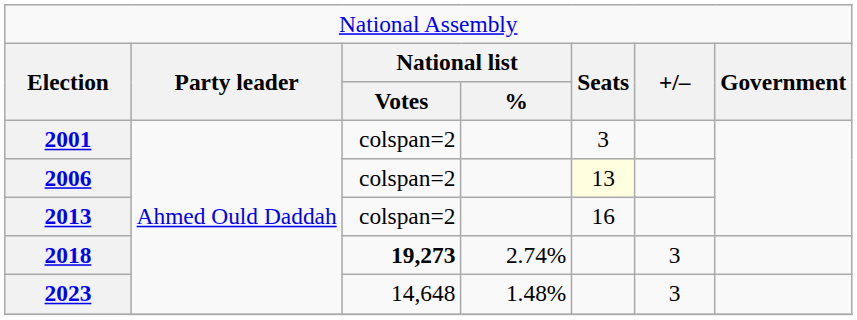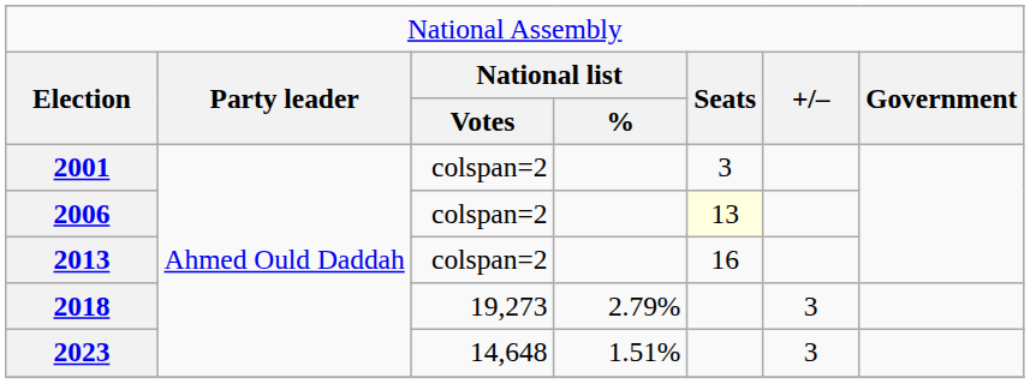 <table class="wikitable" style="text-align:right;font-size:95%;">
 <tr>
 <td colspan="7" align="center"><a href='#'>National Assembly</a></td>
 </tr>
 <tr>
 <th rowspan="2" width="75">Election</th>
 <th rowspan="2">Party leader</th>
 <th colspan="2">National list</th>
 <th rowspan="2">Seats</th>
 <th rowspan="2" width="45">+/–</th>
 <th rowspan="2">Government</th>
 </tr>
 <tr>
 <th width="70">Votes</th>
 <th width="65">%</th>
 </tr>
 <tr>
 <th><a href='#'>2001</a></th>
 <td rowspan="5" align="left"><a href='#'>Ahmed Ould Daddah</a></td>
 <td>colspan=2 </td>
 <td></td>
 <td style="text-align:center;"> 3</td>
 <td></td>
 </tr>
 <tr>
 <th><a href='#'>2006</a></th>
 <td>colspan=2 </td>
 <td></td>
 <td style="background: lightyellow; text-align:center;"> 13</td>
 <td></td>
 </tr>
 <tr>
 <th><a href='#'>2013</a></th>
 <td>colspan=2 </td>
 <td></td>
 <td style="text-align:center;"> 16</td>
 <td></td>
 </tr>
 <tr>
 <th><a href='#'>2018</a></th>
-<td><strong>19,273</strong></td>
-<td>2.74%</td>
+<td>19,273</td>
+<td>2.79%</td>
 <td></td>
 <td style="text-align:center;"> 3</td>
 <td></td>
 </tr>
 <tr>
 <th><a href='#'>2023</a></th>
 <td>14,648</td>
-<td>1.48%</td>
+<td>1.51%</td>
 <td></td>
 <td style="text-align:center;"> 3</td>
 <td></td>
 </tr>
 <tr>
 </tr>
 </table>
